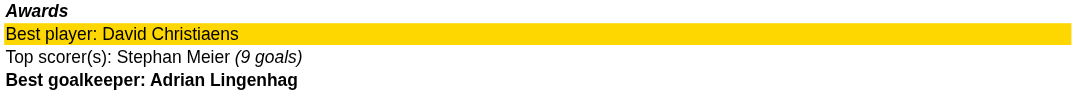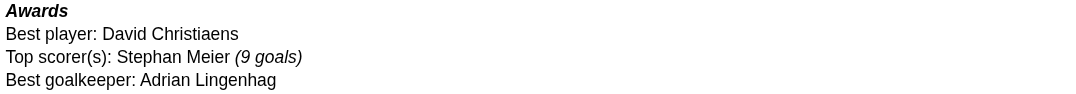 <table width=100% cellspacing=1 style="font-size: 90%;">
 <tr>
 <td><strong><em>Awards</em></strong></td>
 </tr>
 <tr>
-<td style="background: gold;">Best player:  David Christiaens</td>
+<td>Best player:  David Christiaens</td>
 </tr>
 <tr>
 <td colspan=4>Top scorer(s):  Stephan Meier <em>(9 goals)</em></td>
 </tr>
 <tr>
-<td><strong>Best goalkeeper:  Adrian Lingenhag</strong></td>
+<td>Best goalkeeper:  Adrian Lingenhag</td>
 </tr>
 </table>
